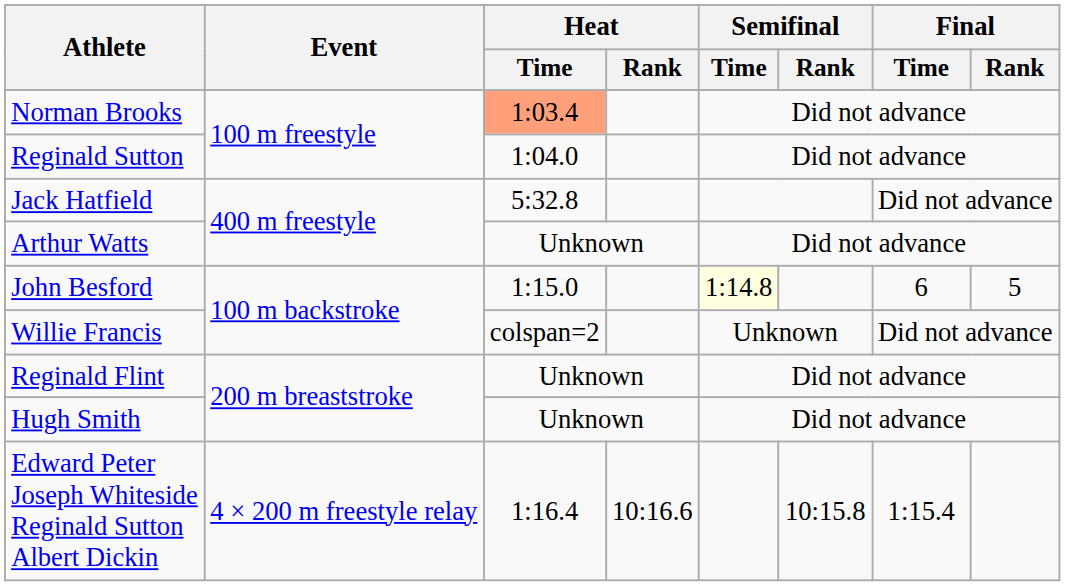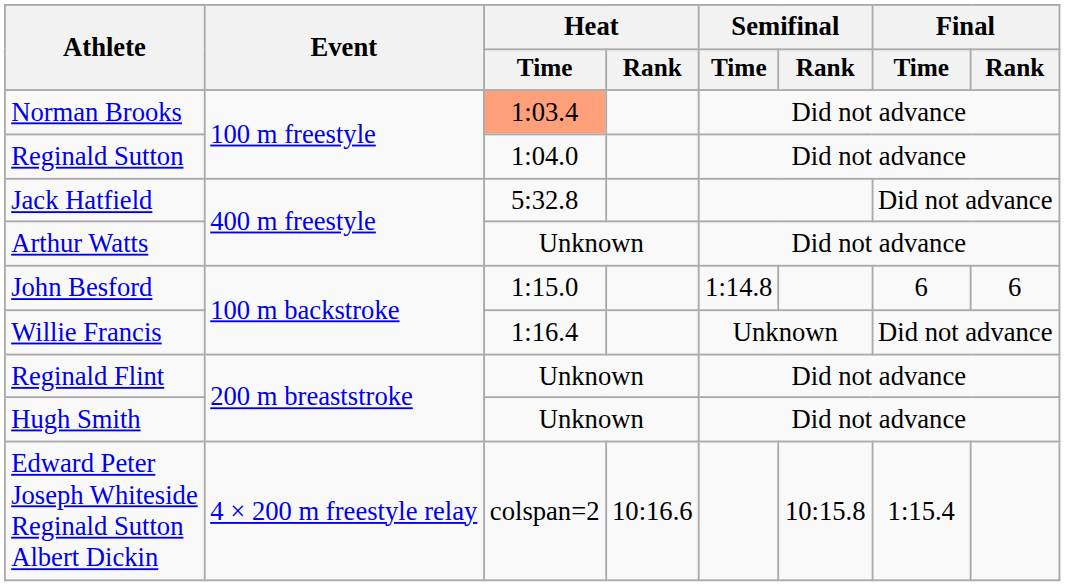 <table class=wikitable style="font-size:90%;">
 <tr>
 <th rowspan=2>Athlete</th>
 <th rowspan=2>Event</th>
 <th colspan=2>Heat</th>
 <th colspan=2>Semifinal</th>
 <th colspan=2>Final</th>
 </tr>
 <tr style="font-size:95%">
 <th>Time</th>
 <th>Rank</th>
 <th>Time</th>
 <th>Rank</th>
 <th>Time</th>
 <th>Rank</th>
 </tr>
 <tr align=center>
 <td align=left><a href='#'>Norman Brooks</a></td>
 <td rowspan=2 align=left><a href='#'>100 m freestyle</a></td>
 <td style="background: lightsalmon;">1:03.4</td>
 <td></td>
 <td colspan=4>Did not advance</td>
 </tr>
 <tr align=center>
 <td align=left><a href='#'>Reginald Sutton</a></td>
 <td>1:04.0</td>
 <td></td>
 <td colspan=4>Did not advance</td>
 </tr>
 <tr align=center>
 <td align=left><a href='#'>Jack Hatfield</a></td>
 <td rowspan=2 align=left><a href='#'>400 m freestyle</a></td>
 <td>5:32.8</td>
 <td></td>
 <td colspan=2></td>
 <td colspan=2>Did not advance</td>
 </tr>
 <tr align=center>
 <td align=left><a href='#'>Arthur Watts</a></td>
 <td colspan=2>Unknown</td>
 <td colspan=4>Did not advance</td>
 </tr>
 <tr align=center>
 <td align=left><a href='#'>John Besford</a></td>
 <td rowspan=2 align=left><a href='#'>100 m backstroke</a></td>
 <td>1:15.0</td>
 <td></td>
-<td style="background: lightyellow;">1:14.8</td>
+<td>1:14.8</td>
 <td></td>
 <td>6</td>
-<td>5</td>
+<td>6</td>
 </tr>
 <tr align=center>
 <td align=left><a href='#'>Willie Francis</a></td>
-<td>colspan=2 </td>
+<td>1:16.4</td>
 <td></td>
 <td colspan=2>Unknown</td>
 <td colspan=2>Did not advance</td>
 </tr>
 <tr align=center>
 <td align=left><a href='#'>Reginald Flint</a></td>
 <td rowspan=2 align=left><a href='#'>200 m breaststroke</a></td>
 <td colspan=2>Unknown</td>
 <td colspan=4>Did not advance</td>
 </tr>
 <tr align=center>
 <td align=left><a href='#'>Hugh Smith</a></td>
 <td colspan=2>Unknown</td>
 <td colspan=4>Did not advance</td>
 </tr>
 <tr align=center>
 <td align=left><a href='#'>Edward Peter</a><br><a href='#'>Joseph Whiteside</a><br><a href='#'>Reginald Sutton</a><br><a href='#'>Albert Dickin</a></td>
 <td align=left><a href='#'>4 × 200 m freestyle relay</a></td>
-<td>1:16.4</td>
+<td>colspan=2 </td>
 <td>10:16.6</td>
 <td></td>
 <td>10:15.8</td>
 <td>1:15.4</td>
 </tr>
 </table>
